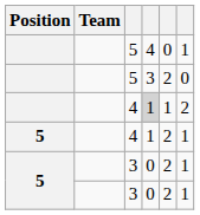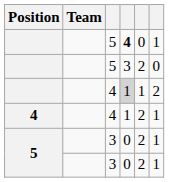 <table class="wikitable" style="font-size:90%" style="text-align:center">
 <tr>
 <th>Position</th>
 <th>Team</th>
 <th></th>
 <th></th>
 <th></th>
 <th></th>
 </tr>
 <tr>
 <th></th>
 <td align=left></td>
 <td>5</td>
-<td>4</td>
+<td><strong>4</strong></td>
 <td>0</td>
 <td>1</td>
 </tr>
 <tr>
 <th></th>
 <td align=left></td>
 <td>5</td>
 <td>3</td>
 <td>2</td>
 <td>0</td>
 </tr>
 <tr>
 <th></th>
 <td align=left></td>
 <td>4</td>
 <td style="background: lightgrey;">1</td>
 <td>1</td>
 <td>2</td>
 </tr>
 <tr>
-<th>5</th>
+<th>4</th>
 <td align=left></td>
 <td>4</td>
 <td>1</td>
 <td>2</td>
 <td>1</td>
 </tr>
 <tr>
 <th rowspan=2>5</th>
 <td align=left></td>
 <td>3</td>
 <td>0</td>
 <td>2</td>
 <td>1</td>
 </tr>
 <tr>
 <td align=left></td>
 <td>3</td>
 <td>0</td>
 <td>2</td>
 <td>1</td>
 </tr>
 </table>
